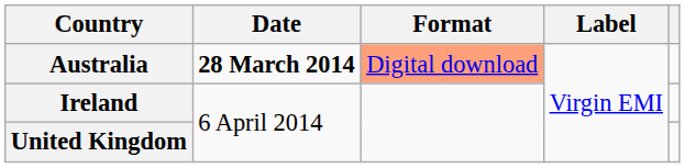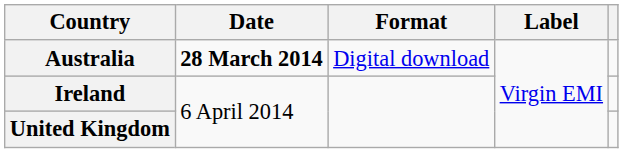 <table class="wikitable plainrowheaders">
 <tr>
 <th scope="col">Country</th>
 <th scope="col">Date</th>
 <th scope="col">Format</th>
 <th scope="col">Label</th>
 <th scope="col"></th>
 </tr>
 <tr>
 <th scope="row">Australia</th>
 <td><strong>28 March 2014</strong></td>
-<td style="background: lightsalmon;"><a href='#'>Digital download</a></td>
+<td><a href='#'>Digital download</a></td>
 <td rowspan="3"><a href='#'>Virgin EMI</a></td>
 <td></td>
 </tr>
 <tr>
 <th scope="row">Ireland</th>
 <td rowspan="2">6 April 2014</td>
 <td rowspan="2"></td>
 <td></td>
 </tr>
 <tr>
 <th scope="row">United Kingdom</th>
 <td></td>
 </tr>
 </table>
